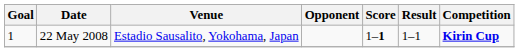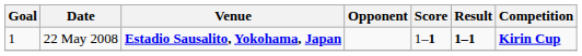 <table class="wikitable collapsible collapsed" style=font-size:85%>
 <tr>
 <th>Goal</th>
 <th>Date</th>
 <th>Venue</th>
 <th>Opponent</th>
 <th>Score</th>
 <th>Result</th>
 <th>Competition</th>
 </tr>
 <tr>
 <td>1</td>
 <td>22 May 2008</td>
-<td><a href='#'>Estadio Sausalito</a>, <a href='#'>Yokohama</a>, <a href='#'>Japan</a></td>
+<td><strong><a href='#'>Estadio Sausalito</a>, <a href='#'>Yokohama</a>, <a href='#'>Japan</a></strong></td>
 <td align=left></td>
 <td>1–<strong>1</strong></td>
-<td>1–1</td>
+<td><strong>1–1</strong></td>
 <td><strong><a href='#'>Kirin Cup</a></strong></td>
 </tr>
 <tr>
 </tr>
 </table>
